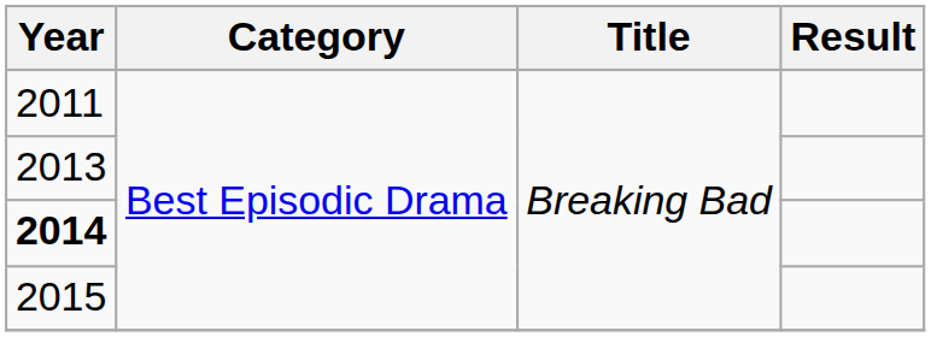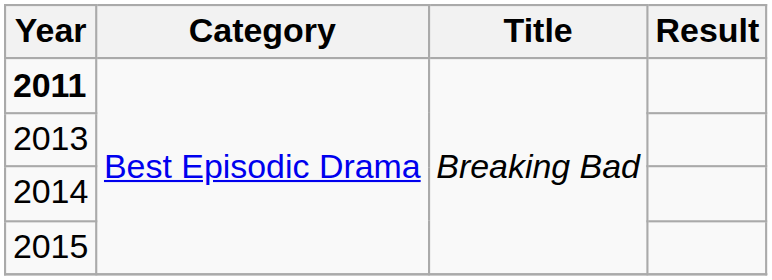 <table class="wikitable">
 <tr>
 <th>Year</th>
 <th>Category</th>
 <th>Title</th>
 <th>Result</th>
 </tr>
 <tr>
-<td>2011</td>
+<td><strong>2011</strong></td>
 <td rowspan=4><a href='#'>Best Episodic Drama</a></td>
 <td rowspan=4><em>Breaking Bad</em></td>
 <td></td>
 </tr>
 <tr>
 <td>2013</td>
 <td></td>
 </tr>
 <tr>
-<td><strong>2014</strong></td>
+<td>2014</td>
 <td></td>
 </tr>
 <tr>
 <td>2015</td>
 <td></td>
 </tr>
 <tr>
 </tr>
 </table>
